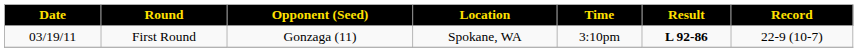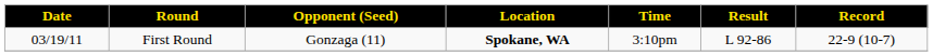 <table class="wikitable" width="80%">
 <tr align="center">
 <th style=" background:black;color:#FFE100;">Date</th>
 <th style=" background:black;color:#FFE100;">Round</th>
 <th style=" background:black;color:#FFE100;">Opponent (Seed)</th>
 <th style=" background:black;color:#FFE100;">Location</th>
 <th style=" background:black;color:#FFE100;">Time</th>
 <th style=" background:black;color:#FFE100;">Result</th>
 <th style=" background:black;color:#FFE100;">Record</th>
 </tr>
 <tr align="center" bgcolor="">
 <td>03/19/11</td>
 <td>First Round</td>
 <td>Gonzaga (11)</td>
-<td>Spokane, WA</td>
+<td><strong>Spokane, WA</strong></td>
 <td>3:10pm</td>
-<td><strong>L 92-86 </strong></td>
+<td>L 92-86 </td>
 <td>22-9 (10-7)</td>
 </tr>
 <tr align="center" bgcolor="">
 </tr>
 </table>
